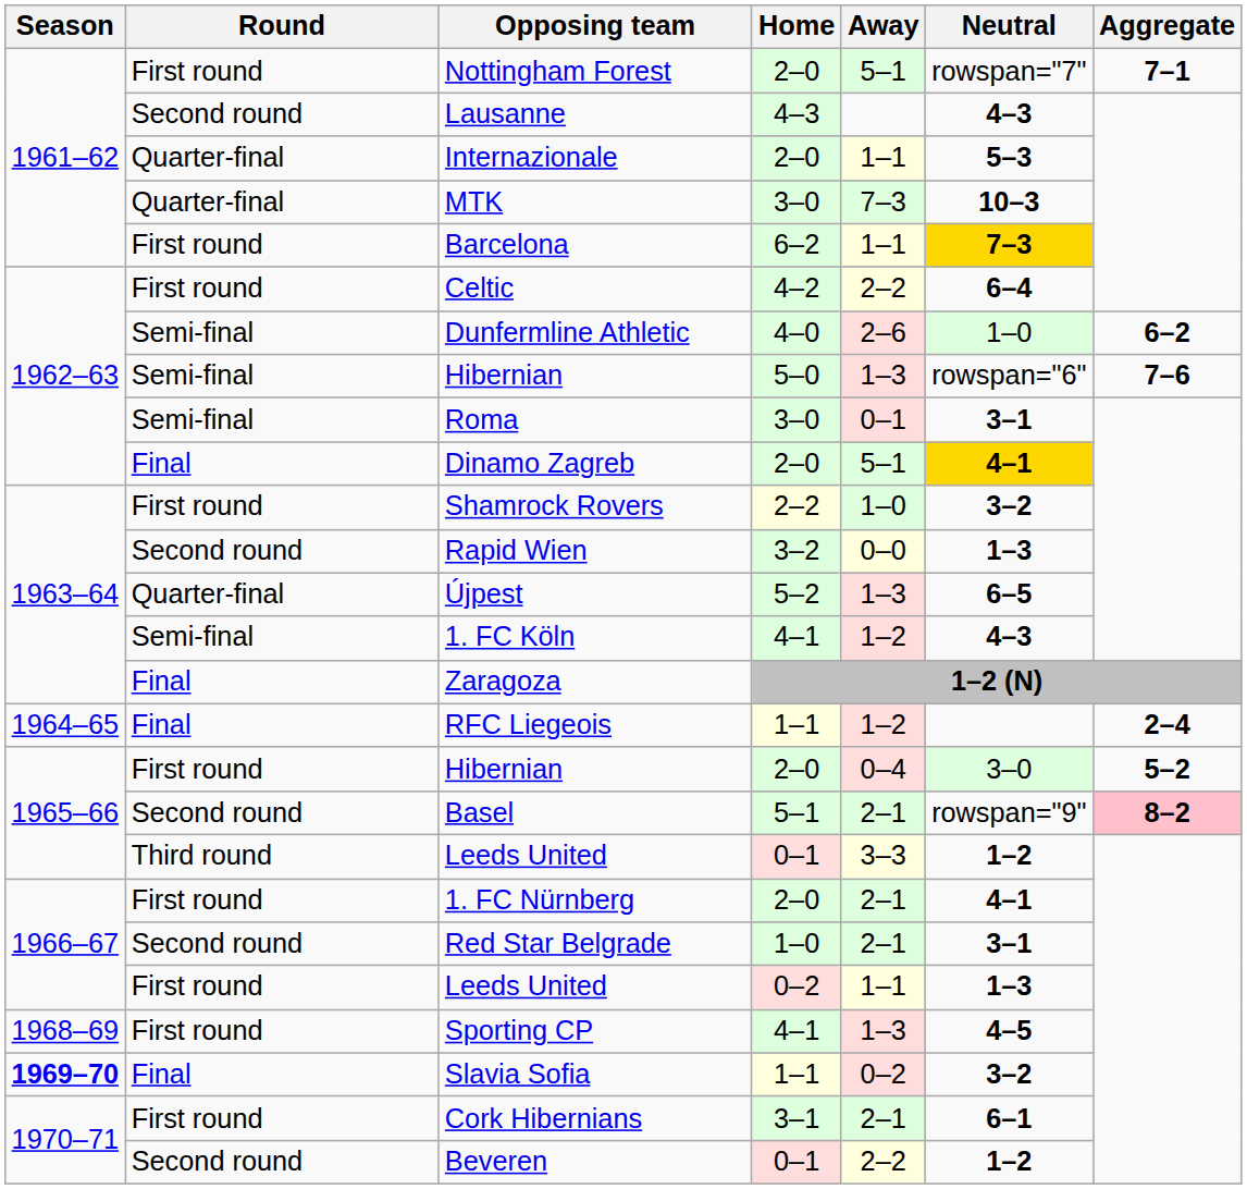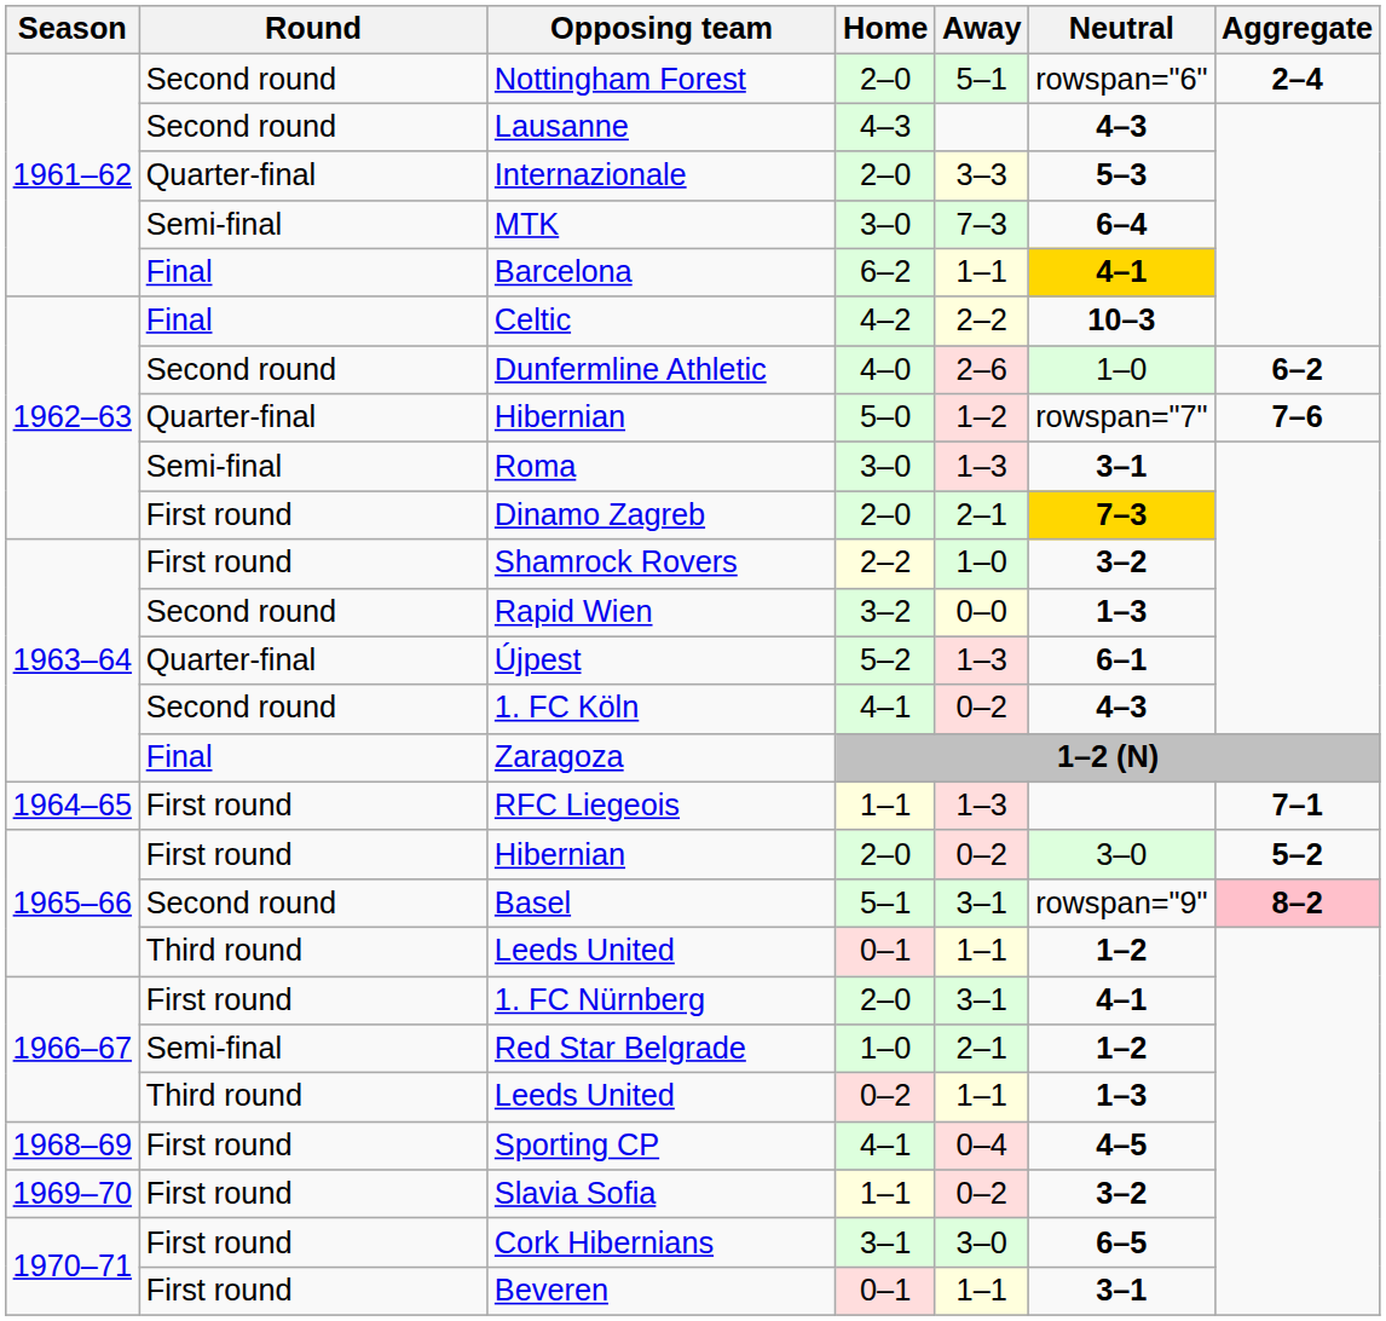 <table class="wikitable">
 <tr>
 <th>Season</th>
 <th width=175>Round</th>
 <th width=175>Opposing team</th>
 <th>Home</th>
 <th>Away</th>
 <th>Neutral</th>
 <th>Aggregate</th>
 </tr>
 <tr>
 <td rowspan="5"><a href='#'>1961–62</a></td>
-<td>First round</td>
+<td>Second round</td>
 <td> <a href='#'>Nottingham Forest</a></td>
 <td style="text-align:center; background:#dfd;">2–0</td>
 <td style="text-align:center; background:#dfd;">5–1</td>
-<td>rowspan="7" </td>
-<td style="text-align:center;"><strong>7–1</strong></td>
+<td>rowspan="6" </td>
+<td style="text-align:center;"><strong>2–4</strong></td>
 </tr>
 <tr>
 <td>Second round</td>
 <td> <a href='#'>Lausanne</a></td>
 <td style="text-align:center; background:#dfd;">4–3</td>
 <td></td>
 <td style="text-align:center;"><strong>4–3</strong></td>
 </tr>
 <tr>
 <td>Quarter-final</td>
 <td> <a href='#'>Internazionale</a></td>
 <td style="text-align:center; background:#dfd;">2–0</td>
-<td style="text-align:center; background:#ffd;">1–1</td>
+<td style="text-align:center; background:#ffd;">3–3</td>
 <td style="text-align:center;"><strong>5–3</strong></td>
 </tr>
 <tr>
-<td>Quarter-final</td>
+<td>Semi-final</td>
 <td> <a href='#'>MTK</a></td>
 <td style="text-align:center; background:#dfd;">3–0</td>
 <td style="text-align:center; background:#dfd;">7–3</td>
+<td style="text-align:center;"><strong>6–4</strong></td>
+</tr>
+<tr>
+<td><a href='#'>Final</a></td>
+<td> <a href='#'>Barcelona</a></td>
+<td style="text-align:center; background:#dfd;">6–2</td>
+<td style="text-align:center; background:#ffd;">1–1</td>
+<td bgcolor="gold" style="text-align:center;"><strong>4–1</strong></td>
+</tr>
+<tr>
+<td rowspan="5"><a href='#'>1962–63</a></td>
+<td><a href='#'>Final</a></td>
+<td> <a href='#'>Celtic</a></td>
+<td style="text-align:center; background:#dfd;">4–2</td>
+<td style="text-align:center; background:#ffd;">2–2</td>
 <td style="text-align:center;"><strong>10–3</strong></td>
 </tr>
 <tr>
-<td>First round</td>
-<td> <a href='#'>Barcelona</a></td>
-<td style="text-align:center; background:#dfd;">6–2</td>
-<td style="text-align:center; background:#ffd;">1–1</td>
-<td bgcolor="gold" style="text-align:center;"><strong>7–3</strong></td>
-</tr>
-<tr>
-<td rowspan="5"><a href='#'>1962–63</a></td>
-<td>First round</td>
-<td> <a href='#'>Celtic</a></td>
-<td style="text-align:center; background:#dfd;">4–2</td>
-<td style="text-align:center; background:#ffd;">2–2</td>
-<td style="text-align:center;"><strong>6–4</strong></td>
-</tr>
-<tr>
-<td>Semi-final</td>
+<td>Second round</td>
 <td> <a href='#'>Dunfermline Athletic</a></td>
 <td style="text-align:center; background:#dfd;">4–0</td>
 <td style="text-align:center; background:#fdd;">2–6</td>
 <td style="text-align:center; background:#dfd;">1–0</td>
 <td style="text-align:center;"><strong>6–2</strong></td>
 </tr>
 <tr>
-<td>Semi-final</td>
+<td>Quarter-final</td>
 <td> <a href='#'>Hibernian</a></td>
 <td style="text-align:center; background:#dfd;">5–0</td>
-<td style="text-align:center; background:#fdd;">1–3</td>
-<td>rowspan="6" </td>
+<td style="text-align:center; background:#fdd;">1–2</td>
+<td>rowspan="7" </td>
 <td style="text-align:center;"><strong>7–6</strong></td>
 </tr>
 <tr>
 <td>Semi-final</td>
 <td> <a href='#'>Roma</a></td>
 <td style="text-align:center; background:#dfd;">3–0</td>
-<td style="text-align:center; background:#fdd;">0–1</td>
+<td style="text-align:center; background:#fdd;">1–3</td>
 <td style="text-align:center;"><strong>3–1</strong></td>
 </tr>
 <tr>
-<td><a href='#'>Final</a></td>
+<td>First round</td>
 <td> <a href='#'>Dinamo Zagreb</a></td>
 <td style="text-align:center; background:#dfd;">2–0</td>
-<td style="text-align:center; background:#dfd;">5–1</td>
-<td bgcolor="gold" style="text-align:center;"><strong>4–1</strong></td>
+<td style="text-align:center; background:#dfd;">2–1</td>
+<td bgcolor="gold" style="text-align:center;"><strong>7–3</strong></td>
 </tr>
 <tr>
 <td rowspan="5"><a href='#'>1963–64</a></td>
 <td>First round</td>
 <td> <a href='#'>Shamrock Rovers</a></td>
 <td style="text-align:center; background:#ffd;">2–2</td>
 <td style="text-align:center; background:#dfd;">1–0</td>
 <td style="text-align:center;"><strong>3–2</strong></td>
 </tr>
 <tr>
 <td>Second round</td>
 <td> <a href='#'>Rapid Wien</a></td>
 <td style="text-align:center; background:#dfd;">3–2</td>
 <td style="text-align:center; background:#ffd;">0–0</td>
 <td style="text-align:center;"><strong>1–3</strong></td>
 </tr>
 <tr>
 <td>Quarter-final</td>
 <td> <a href='#'>Újpest</a></td>
 <td style="text-align:center; background:#dfd;">5–2</td>
 <td style="text-align:center; background:#fdd;">1–3</td>
-<td style="text-align:center;"><strong>6–5</strong></td>
+<td style="text-align:center;"><strong>6–1</strong></td>
 </tr>
 <tr>
-<td>Semi-final</td>
+<td>Second round</td>
 <td> <a href='#'>1. FC Köln</a></td>
 <td style="text-align:center; background:#dfd;">4–1</td>
-<td style="text-align:center; background:#fdd;">1–2</td>
+<td style="text-align:center; background:#fdd;">0–2</td>
 <td style="text-align:center;"><strong>4–3</strong></td>
 </tr>
 <tr>
 <td><a href='#'>Final</a></td>
 <td> <a href='#'>Zaragoza</a></td>
 <td bgcolor="silver" colspan="4" style="text-align:center;"><strong>1–2 (N)</strong></td>
 </tr>
 <tr>
 <td><a href='#'>1964–65</a></td>
-<td><a href='#'>Final</a></td>
+<td>First round</td>
 <td> <a href='#'>RFC Liegeois</a></td>
 <td style="text-align:center; background:#ffd;">1–1</td>
-<td style="text-align:center; background:#fdd;">1–2</td>
+<td style="text-align:center; background:#fdd;">1–3</td>
 <td></td>
-<td style="text-align:center;"><strong>2–4</strong></td>
+<td style="text-align:center;"><strong>7–1</strong></td>
 </tr>
 <tr>
 <td rowspan="3"><a href='#'>1965–66</a></td>
 <td>First round</td>
 <td> <a href='#'>Hibernian</a></td>
 <td style="text-align:center; background:#dfd;">2–0</td>
-<td style="text-align:center; background:#fdd;">0–4</td>
+<td style="text-align:center; background:#fdd;">0–2</td>
 <td style="text-align:center; background:#dfd;">3–0</td>
 <td style="text-align:center;"><strong>5–2</strong></td>
 </tr>
 <tr>
 <td>Second round</td>
 <td> <a href='#'>Basel</a></td>
 <td style="text-align:center; background:#dfd;">5–1</td>
-<td style="text-align:center; background:#dfd;">2–1</td>
+<td style="text-align:center; background:#dfd;">3–1</td>
 <td>rowspan="9" </td>
 <td style="background: pink; text-align:center;"><strong>8–2</strong></td>
 </tr>
 <tr>
 <td>Third round</td>
 <td> <a href='#'>Leeds United</a></td>
 <td style="text-align:center; background:#fdd;">0–1</td>
-<td style="text-align:center; background:#ffd;">3–3</td>
+<td style="text-align:center; background:#ffd;">1–1</td>
 <td style="text-align:center;"><strong>1–2</strong></td>
 </tr>
 <tr>
 <td rowspan="3"><a href='#'>1966–67</a></td>
 <td>First round</td>
 <td> <a href='#'>1. FC Nürnberg</a></td>
 <td style="text-align:center; background:#dfd;">2–0</td>
-<td style="text-align:center; background:#dfd;">2–1</td>
+<td style="text-align:center; background:#dfd;">3–1</td>
 <td style="text-align:center;"><strong>4–1</strong></td>
 </tr>
 <tr>
-<td>Second round</td>
+<td>Semi-final</td>
 <td> <a href='#'>Red Star Belgrade</a></td>
 <td style="text-align:center; background:#dfd;">1–0</td>
 <td style="text-align:center; background:#dfd;">2–1</td>
-<td style="text-align:center;"><strong>3–1</strong></td>
+<td style="text-align:center;"><strong>1–2</strong></td>
 </tr>
 <tr>
-<td>First round</td>
+<td>Third round</td>
 <td> <a href='#'>Leeds United</a></td>
 <td style="text-align:center; background:#fdd;">0–2</td>
 <td style="text-align:center; background:#ffd;">1–1</td>
 <td style="text-align:center;"><strong>1–3</strong></td>
 </tr>
 <tr>
 <td><a href='#'>1968–69</a></td>
 <td>First round</td>
 <td> <a href='#'>Sporting CP</a></td>
 <td style="text-align:center; background:#dfd;">4–1</td>
-<td style="text-align:center; background:#fdd;">1–3</td>
+<td style="text-align:center; background:#fdd;">0–4</td>
 <td style="text-align:center;"><strong>4–5</strong></td>
 </tr>
 <tr>
-<td><strong><a href='#'>1969–70</a></strong></td>
-<td><a href='#'>Final</a></td>
+<td><a href='#'>1969–70</a></td>
+<td>First round</td>
 <td> <a href='#'>Slavia Sofia</a></td>
 <td style="text-align:center; background:#ffd;">1–1</td>
 <td style="text-align:center; background:#fdd;">0–2</td>
 <td style="text-align:center;"><strong>3–2</strong></td>
 </tr>
 <tr>
 <td rowspan="2"><a href='#'>1970–71</a></td>
 <td>First round</td>
 <td> <a href='#'>Cork Hibernians</a></td>
 <td style="text-align:center; background:#dfd;">3–1</td>
-<td style="text-align:center; background:#dfd;">2–1</td>
-<td style="text-align:center;"><strong>6–1</strong></td>
+<td style="text-align:center; background:#dfd;">3–0</td>
+<td style="text-align:center;"><strong>6–5</strong></td>
 </tr>
 <tr>
-<td>Second round</td>
+<td>First round</td>
 <td> <a href='#'>Beveren</a></td>
 <td style="text-align:center; background:#fdd;">0–1</td>
-<td style="text-align:center; background:#ffd;">2–2</td>
-<td style="text-align:center;"><strong>1–2</strong></td>
+<td style="text-align:center; background:#ffd;">1–1</td>
+<td style="text-align:center;"><strong>3–1</strong></td>
 </tr>
 </table>
